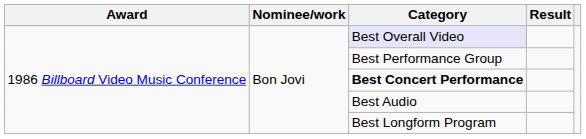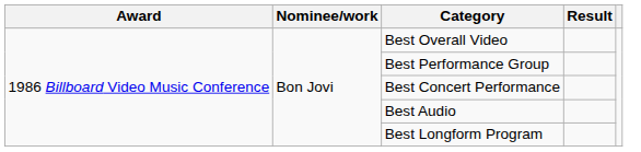 <table class="wikitable unsortable plainrowheaders">
 <tr>
 <th scope="col">Award</th>
 <th scope="col">Nominee/work</th>
 <th scope="col">Category</th>
 <th scope="col">Result</th>
 <th scope="col"></th>
 </tr>
 <tr>
 <td rowspan="5">1986 <a href='#'><em>Billboard</em> Video Music Conference</a></td>
 <td rowspan="5">Bon Jovi</td>
-<td style="background: lavender;">Best Overall Video</td>
+<td>Best Overall Video</td>
 <td></td>
 <td rowspan="5"></td>
 </tr>
 <tr>
 <td>Best Performance Group</td>
 <td></td>
 </tr>
 <tr>
-<td><strong>Best Concert Performance</strong></td>
+<td>Best Concert Performance</td>
 <td></td>
 </tr>
 <tr>
 <td>Best Audio</td>
 <td></td>
 </tr>
 <tr>
 <td>Best Longform Program</td>
 <td></td>
 </tr>
 </table>
